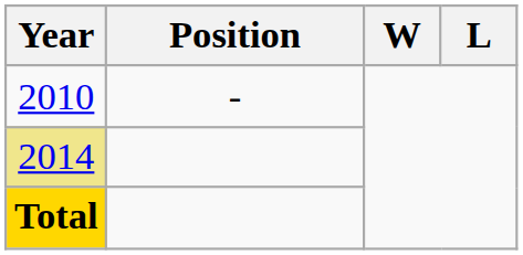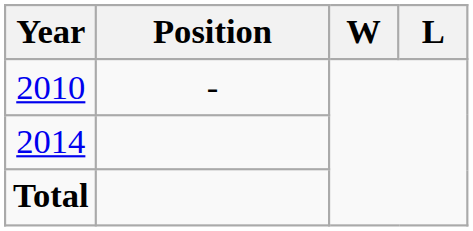 <table class="wikitable" style="text-align: center;">
 <tr>
 <th>Year</th>
 <th width="100">Position</th>
 <th width="25">W</th>
 <th width="25">L</th>
 </tr>
 <tr>
 <td> <a href='#'>2010</a></td>
 <td>-</td>
 </tr>
 <tr>
-<td style="background: khaki;"> <a href='#'>2014</a></td>
+<td> <a href='#'>2014</a></td>
 <td></td>
 </tr>
 <tr>
-<td style="background: gold;"><strong>Total</strong></td>
+<td><strong>Total</strong></td>
 <td></td>
 </tr>
 </table>
